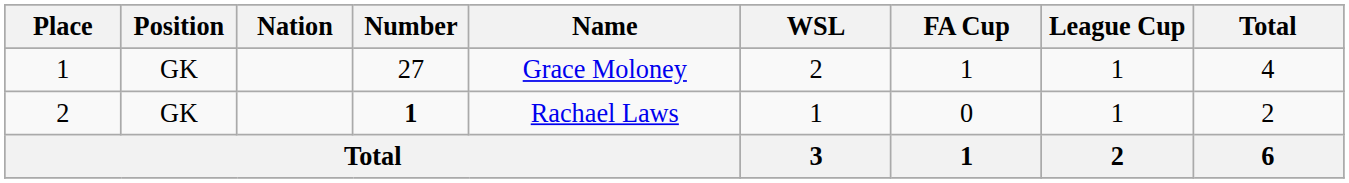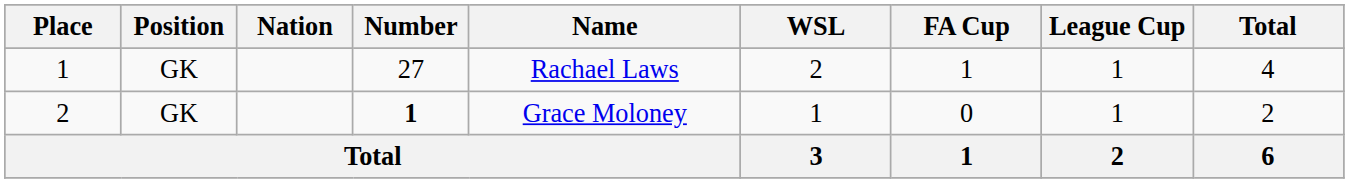 <table class="wikitable" style="font-size: 95%; text-align: center;">
 <tr>
 <th width=60>Place</th>
 <th width=60>Position</th>
 <th width=60>Nation</th>
 <th width=60>Number</th>
 <th width=150>Name</th>
 <th width=80>WSL</th>
 <th width=80>FA Cup</th>
 <th width=80>League Cup</th>
 <th width=80>Total</th>
 </tr>
 <tr>
 <td>1</td>
 <td>GK</td>
 <td></td>
 <td>27</td>
-<td><a href='#'>Grace Moloney</a></td>
+<td><a href='#'>Rachael Laws</a></td>
 <td>2</td>
 <td>1</td>
 <td>1</td>
 <td>4</td>
 </tr>
 <tr>
 <td>2</td>
 <td>GK</td>
 <td></td>
 <td><strong>1</strong></td>
-<td><a href='#'>Rachael Laws</a></td>
+<td><a href='#'>Grace Moloney</a></td>
 <td>1</td>
 <td>0</td>
 <td>1</td>
 <td>2</td>
 </tr>
 <tr>
 <th colspan=5>Total</th>
 <th>3</th>
 <th>1</th>
 <th>2</th>
 <th>6</th>
 </tr>
 </table>
